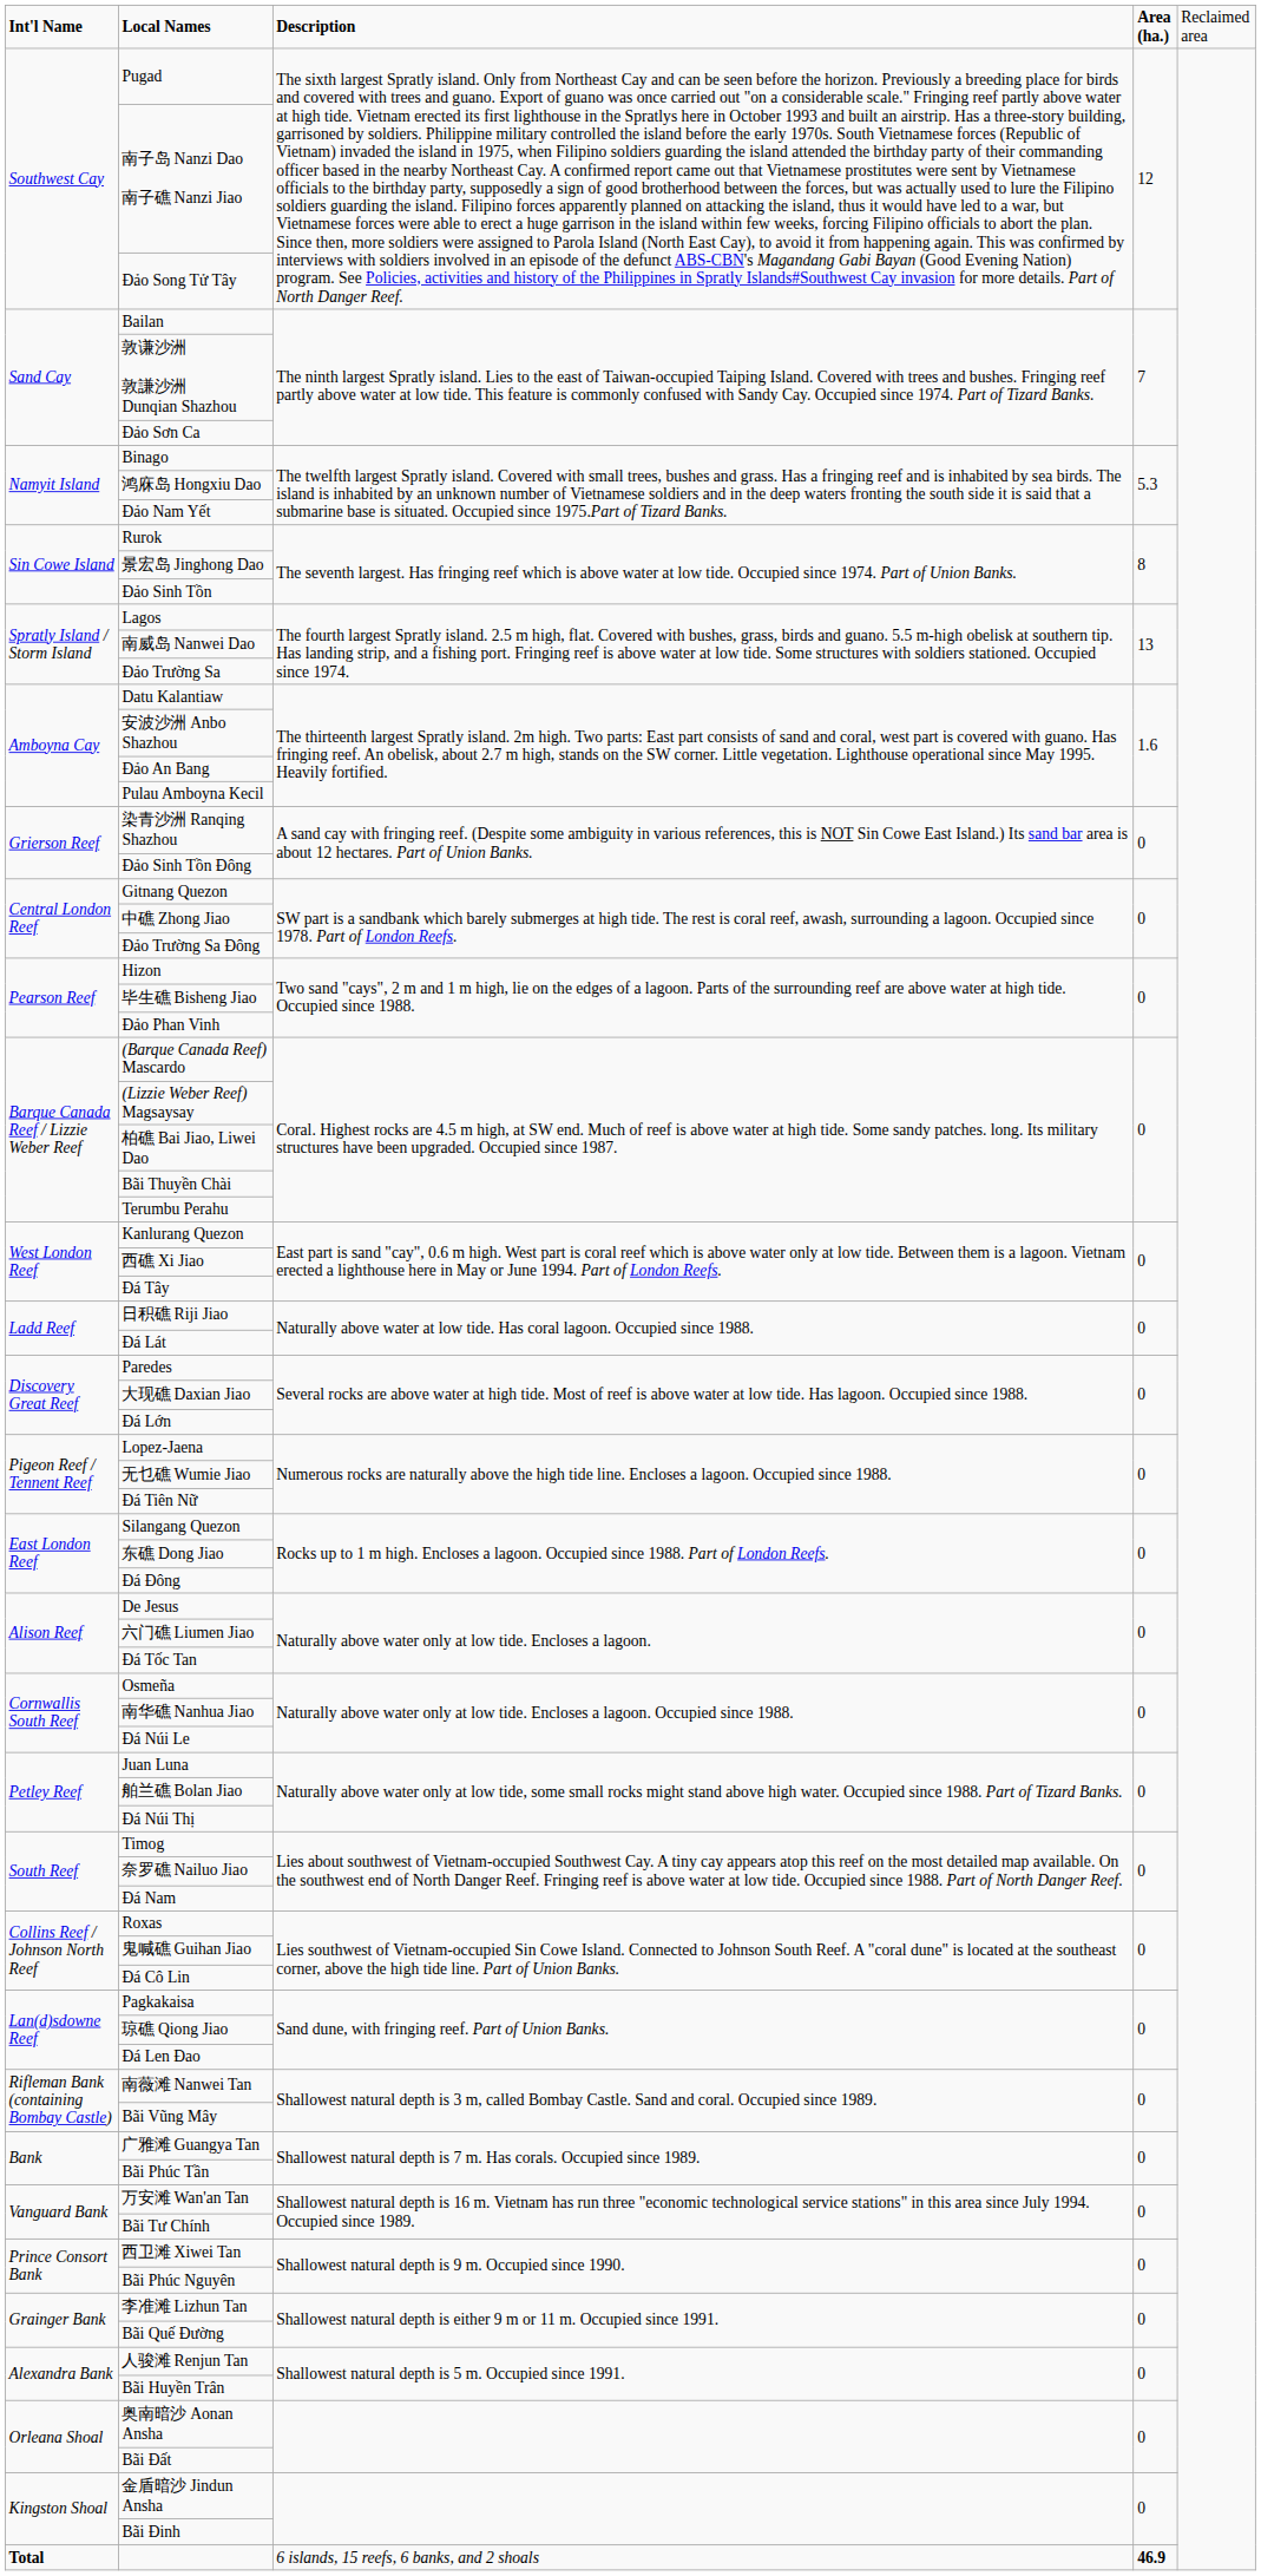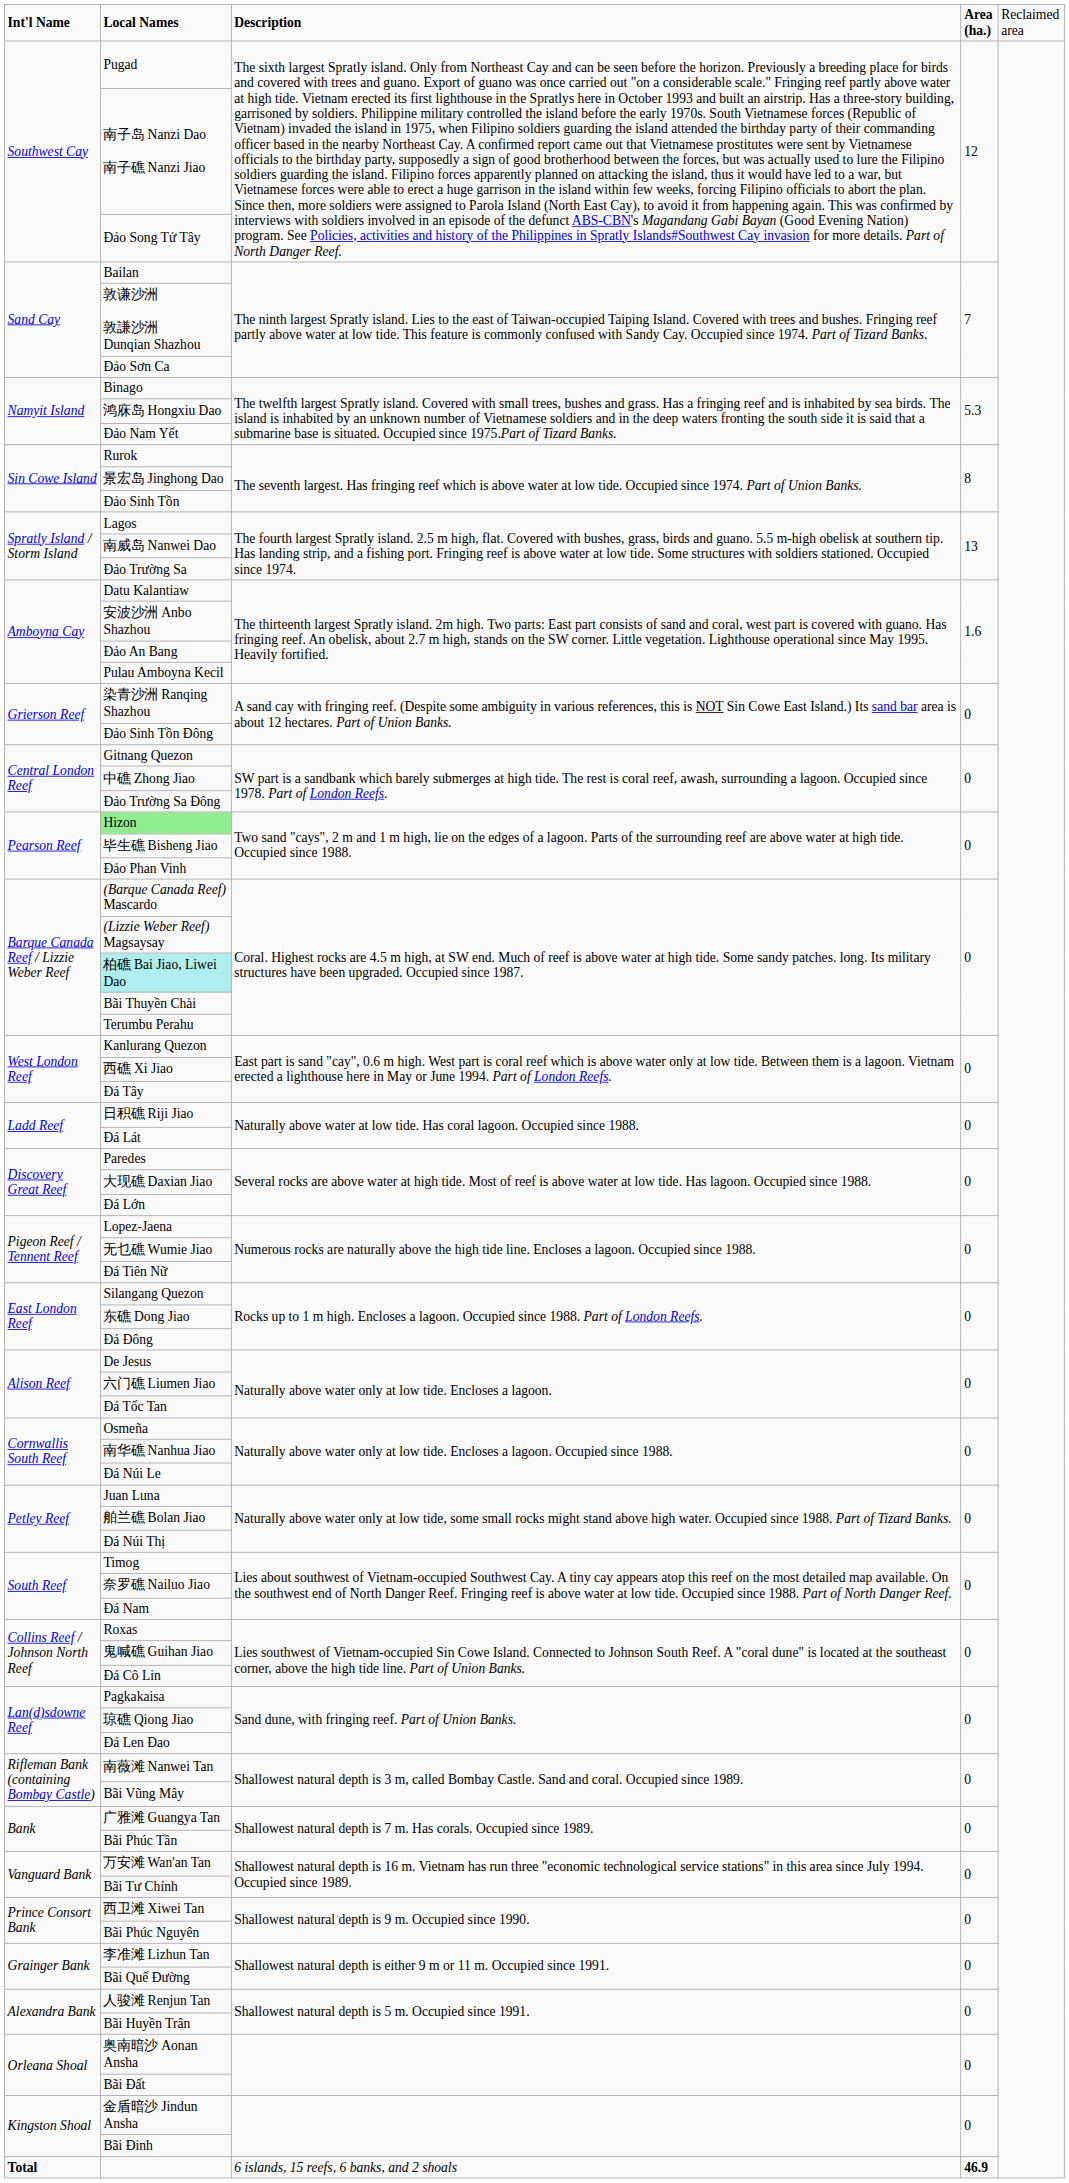 <table class="wikitable">
 <tr>
 <td><strong>Int'l Name</strong></td>
 <td><strong>Local Names</strong></td>
 <td><strong>Description</strong></td>
 <td><strong>Area (ha.)</strong></td>
 <td>Reclaimed area</td>
 </tr>
 <tr>
 <td rowspan="3"><em><a href='#'>Southwest Cay</a></em></td>
 <td> Pugad</td>
 <td rowspan="3"><br>The sixth largest Spratly island. Only  from Northeast Cay and can be seen before the horizon. Previously a breeding place for birds and covered with trees and guano. Export of guano was once carried out "on a considerable scale." Fringing reef partly above water at high tide. Vietnam erected its first lighthouse in the Spratlys here in October 1993 and built an airstrip. Has a three-story building, garrisoned by soldiers. Philippine military controlled the island before the early 1970s. South Vietnamese forces (Republic of Vietnam) invaded the island in 1975, when Filipino soldiers guarding the island attended the birthday party of their commanding officer based in the nearby Northeast Cay. A confirmed report came out that Vietnamese prostitutes were sent by Vietnamese officials to the birthday party, supposedly a sign of good brotherhood between the forces, but was actually used to lure the Filipino soldiers guarding the island. Filipino forces apparently planned on attacking the island, thus it would have led to a war, but Vietnamese forces were able to erect a huge garrison in the island within few weeks, forcing Filipino officials to abort the plan. Since then, more soldiers were assigned to Parola Island (North East Cay), to avoid it from happening again. This was confirmed by interviews with soldiers involved in an episode of the defunct <a href='#'>ABS-CBN</a>'s <em>Magandang Gabi Bayan</em> (Good Evening Nation) program. See <a href='#'>Policies, activities and history of the Philippines in Spratly Islands#Southwest Cay invasion</a> for more details. <em>Part of North Danger Reef.</em></td>
 <td rowspan="3">12</td>
 </tr>
 <tr>
 <td> 南子岛 Nanzi Dao<br><br> 南子礁 Nanzi Jiao</td>
 </tr>
 <tr>
 <td> Đảo Song Tử Tây</td>
 </tr>
 <tr>
 <td rowspan="3"><em><a href='#'>Sand Cay</a></em></td>
 <td> Bailan</td>
 <td rowspan="3"><br>The ninth largest Spratly island. Lies  to the east of Taiwan-occupied Taiping Island. Covered with trees and bushes. Fringing reef partly above water at low tide. This feature is commonly confused with Sandy Cay. Occupied since 1974. <em>Part of Tizard Banks.</em></td>
 <td rowspan="3">7</td>
 </tr>
 <tr>
 <td> 敦谦沙洲<br><br> 敦謙沙洲<br> Dunqian Shazhou</td>
 </tr>
 <tr>
 <td> Đảo Sơn Ca</td>
 </tr>
 <tr>
 <td rowspan="3"><em><a href='#'>Namyit Island</a></em></td>
 <td> Binago</td>
 <td rowspan="3"><br>The twelfth largest Spratly island. Covered with small trees, bushes and grass. Has a fringing reef and is inhabited by sea birds. The island is inhabited by an unknown number of Vietnamese soldiers and in the deep waters fronting the south side it is said that a submarine base is situated. Occupied since 1975.<em>Part of Tizard Banks.</em></td>
 <td rowspan="3">5.3</td>
 </tr>
 <tr>
 <td> 鸿庥岛 Hongxiu Dao</td>
 </tr>
 <tr>
 <td> Đảo Nam Yết</td>
 </tr>
 <tr>
 <td rowspan="3"><em><a href='#'>Sin Cowe Island</a></em></td>
 <td> Rurok</td>
 <td rowspan="3"><br>The seventh largest. Has fringing reef which is above water at low tide. Occupied since 1974. <em>Part of Union Banks.</em></td>
 <td rowspan="3">8</td>
 </tr>
 <tr>
 <td> 景宏岛 Jinghong Dao</td>
 </tr>
 <tr>
 <td> Đảo Sinh Tồn</td>
 </tr>
 <tr>
 <td rowspan="3"><em><a href='#'>Spratly Island</a> / Storm Island</em></td>
 <td> Lagos</td>
 <td rowspan="3"><br>The fourth largest Spratly island. 2.5 m high, flat. Covered with bushes, grass, birds and guano. 5.5 m-high obelisk at southern tip. Has landing strip, and a fishing port. Fringing reef is above water at low tide. Some structures with soldiers stationed. Occupied since 1974.</td>
 <td rowspan="3">13</td>
 </tr>
 <tr>
 <td> 南威岛 Nanwei Dao</td>
 </tr>
 <tr>
 <td> Đảo Trường Sa</td>
 </tr>
 <tr>
 <td rowspan="4"><em><a href='#'>Amboyna Cay</a></em></td>
 <td> Datu Kalantiaw</td>
 <td rowspan="4"><br>The thirteenth largest Spratly island. 2m high. Two parts: East part consists of sand and coral, west part is covered with guano. Has fringing reef. An obelisk, about 2.7 m high, stands on the SW corner. Little vegetation. Lighthouse operational since May 1995. Heavily fortified.</td>
 <td rowspan="4">1.6</td>
 </tr>
 <tr>
 <td> 安波沙洲 Anbo Shazhou</td>
 </tr>
 <tr>
 <td> Đảo An Bang</td>
 </tr>
 <tr>
 <td nowrap> Pulau Amboyna Kecil</td>
 </tr>
 <tr>
 <td rowspan="2"><em><a href='#'>Grierson Reef</a></em></td>
 <td> 染青沙洲 Ranqing Shazhou</td>
 <td rowspan="2">A sand cay with fringing reef. (Despite some ambiguity in various references, this is <u>NOT</u> Sin Cowe East Island.) Its <a href='#'>sand bar</a> area is about 12 hectares. <em>Part of Union Banks.</em></td>
 <td rowspan="2">0</td>
 </tr>
 <tr>
 <td> Đảo Sinh Tồn Đông</td>
 </tr>
 <tr>
 <td rowspan="3"><em><a href='#'>Central London Reef</a></em></td>
 <td> Gitnang Quezon</td>
 <td rowspan="3"><br>SW part is a sandbank which barely submerges at high tide. The rest is coral reef, awash, surrounding a lagoon. Occupied since 1978. <em>Part of <a href='#'>London Reefs</a>.</em></td>
 <td rowspan="3">0</td>
 </tr>
 <tr>
 <td> 中礁 Zhong Jiao</td>
 </tr>
 <tr>
 <td> Đảo Trường Sa Đông</td>
 </tr>
 <tr>
 <td rowspan="3"><em><a href='#'>Pearson Reef</a></em></td>
-<td> Hizon</td>
+<td style="background: lightgreen;"> Hizon</td>
 <td rowspan="3">Two sand "cays", 2 m and 1 m high, lie on the edges of a lagoon. Parts of the surrounding reef are above water at high tide. Occupied since 1988.</td>
 <td rowspan="3">0</td>
 </tr>
 <tr>
 <td> 毕生礁 Bisheng Jiao</td>
 </tr>
 <tr>
 <td> Đảo Phan Vinh</td>
 </tr>
 <tr>
 <td rowspan="5"><em><a href='#'>Barque Canada Reef</a> / Lizzie Weber Reef</em></td>
 <td> <em>(Barque Canada Reef)</em> Mascardo</td>
 <td rowspan="5"><br>Coral. Highest rocks are 4.5 m high, at SW end. Much of reef is above water at high tide. Some sandy patches.  long. Its military structures have been upgraded. Occupied since 1987.</td>
 <td rowspan="5">0</td>
 </tr>
 <tr>
 <td> <em>(Lizzie Weber Reef)</em> Magsaysay</td>
 </tr>
 <tr>
-<td> 柏礁 Bai Jiao, Liwei Dao</td>
+<td style="background: paleturquoise;"> 柏礁 Bai Jiao, Liwei Dao</td>
 </tr>
 <tr>
 <td> Bãi Thuyền Chài</td>
 </tr>
 <tr>
 <td> Terumbu Perahu</td>
 </tr>
 <tr>
 <td rowspan="3"><em><a href='#'>West London Reef</a></em></td>
 <td> Kanlurang Quezon</td>
 <td rowspan="3">East part is sand "cay", 0.6 m high. West part is coral reef which is above water only at low tide. Between them is a lagoon. Vietnam erected a lighthouse here in May or June 1994. <em>Part of <a href='#'>London Reefs</a>.</em></td>
 <td rowspan="3">0</td>
 </tr>
 <tr>
 <td> 西礁 Xi Jiao</td>
 </tr>
 <tr>
 <td> Đá Tây</td>
 </tr>
 <tr>
 <td rowspan="2"><em><a href='#'>Ladd Reef</a></em></td>
 <td> 日积礁 Riji Jiao</td>
 <td rowspan="2">Naturally above water at low tide. Has coral lagoon. Occupied since 1988.</td>
 <td rowspan="2">0</td>
 </tr>
 <tr>
 <td> Đá Lát</td>
 </tr>
 <tr>
 <td rowspan="3"><em><a href='#'>Discovery Great Reef</a></em></td>
 <td> Paredes</td>
 <td rowspan="3">Several rocks are above water at high tide. Most of reef is above water at low tide. Has lagoon. Occupied since 1988.</td>
 <td rowspan="3">0</td>
 </tr>
 <tr>
 <td> 大现礁 Daxian Jiao</td>
 </tr>
 <tr>
 <td> Đá Lớn</td>
 </tr>
 <tr>
 <td rowspan="3"><em>Pigeon Reef / <a href='#'>Tennent Reef</a></em></td>
 <td> Lopez-Jaena</td>
 <td rowspan="3">Numerous rocks are naturally above the high tide line. Encloses a lagoon. Occupied since 1988.</td>
 <td rowspan="3">0</td>
 </tr>
 <tr>
 <td> 无乜礁 Wumie Jiao</td>
 </tr>
 <tr>
 <td> Đá Tiên Nữ</td>
 </tr>
 <tr>
 <td rowspan="3"><em><a href='#'>East London Reef</a></em></td>
 <td> Silangang Quezon</td>
 <td rowspan="3">Rocks up to 1 m high. Encloses a lagoon. Occupied since 1988. <em>Part of <a href='#'>London Reefs</a>.</em></td>
 <td rowspan="3">0</td>
 </tr>
 <tr>
 <td> 东礁 Dong Jiao</td>
 </tr>
 <tr>
 <td> Đá Đông</td>
 </tr>
 <tr>
 <td rowspan="3"><em><a href='#'>Alison Reef</a></em></td>
 <td> De Jesus</td>
 <td rowspan="3"><br>Naturally above water only at low tide. Encloses a lagoon.</td>
 <td rowspan="3">0</td>
 </tr>
 <tr>
 <td> 六门礁 Liumen Jiao</td>
 </tr>
 <tr>
 <td> Đá Tốc Tan</td>
 </tr>
 <tr>
 <td rowspan="3"><em><a href='#'>Cornwallis South Reef</a></em></td>
 <td> Osmeña</td>
 <td rowspan="3">Naturally above water only at low tide. Encloses a lagoon. Occupied since 1988.</td>
 <td rowspan="3">0</td>
 </tr>
 <tr>
 <td> 南华礁 Nanhua Jiao</td>
 </tr>
 <tr>
 <td> Đá Núi Le</td>
 </tr>
 <tr>
 <td rowspan="3"><em><a href='#'>Petley Reef</a></em></td>
 <td> Juan Luna</td>
 <td rowspan="3">Naturally above water only at low tide, some small rocks might stand above high water. Occupied since 1988. <em>Part of Tizard Banks.</em></td>
 <td rowspan="3">0</td>
 </tr>
 <tr>
 <td> 舶兰礁 Bolan Jiao</td>
 </tr>
 <tr>
 <td> Đá Núi Thị</td>
 </tr>
 <tr>
 <td rowspan="3"><em><a href='#'>South Reef</a></em></td>
 <td> Timog</td>
 <td rowspan="3">Lies about  southwest of Vietnam-occupied Southwest Cay. A tiny cay appears atop this reef on the most detailed map available. On the southwest end of North Danger Reef. Fringing reef is above water at low tide. Occupied since 1988. <em>Part of North Danger Reef.</em></td>
 <td rowspan="3">0</td>
 </tr>
 <tr>
 <td> 奈罗礁 Nailuo Jiao</td>
 </tr>
 <tr>
 <td> Đá Nam</td>
 </tr>
 <tr>
 <td rowspan="3"><em><a href='#'>Collins Reef</a> / Johnson North Reef</em></td>
 <td> Roxas</td>
 <td rowspan="3"><br>Lies  southwest of Vietnam-occupied Sin Cowe Island. Connected to Johnson South Reef. A "coral dune" is located at the southeast corner, above the high tide line. <em>Part of Union Banks.</em></td>
 <td rowspan="3">0</td>
 </tr>
 <tr>
 <td> 鬼喊礁 Guihan Jiao</td>
 </tr>
 <tr>
 <td> Đá Cô Lin</td>
 </tr>
 <tr>
 <td rowspan="3"><em><a href='#'>Lan(d)sdowne Reef</a></em></td>
 <td> Pagkakaisa</td>
 <td rowspan="3">Sand dune, with fringing reef. <em>Part of Union Banks.</em></td>
 <td rowspan="3">0</td>
 </tr>
 <tr>
 <td> 琼礁 Qiong Jiao</td>
 </tr>
 <tr>
 <td> Đá Len Đao</td>
 </tr>
 <tr>
 <td rowspan="2"><em>Rifleman Bank (containing <a href='#'>Bombay Castle</a>)</em></td>
 <td> 南薇滩 Nanwei Tan</td>
 <td rowspan="2">Shallowest natural depth is 3 m, called Bombay Castle. Sand and coral. Occupied since 1989.</td>
 <td rowspan="2">0</td>
 </tr>
 <tr>
 <td> Bãi Vũng Mây</td>
 </tr>
 <tr>
 <td rowspan="2"><em> Bank</em></td>
 <td> 广雅滩 Guangya Tan</td>
 <td rowspan="2">Shallowest natural depth is 7 m. Has corals. Occupied since 1989.</td>
 <td rowspan="2">0</td>
 </tr>
 <tr>
 <td> Bãi Phúc Tần</td>
 </tr>
 <tr>
 <td rowspan="2"><em>Vanguard Bank</em></td>
 <td> 万安滩 Wan'an Tan</td>
 <td rowspan="2">Shallowest natural depth is 16 m. Vietnam has run three "economic technological service stations" in this area since July 1994. Occupied since 1989.</td>
 <td rowspan="2">0</td>
 </tr>
 <tr>
 <td> Bãi Tư Chính</td>
 </tr>
 <tr>
 <td rowspan="2"><em>Prince Consort Bank</em></td>
 <td> 西卫滩 Xiwei Tan</td>
 <td rowspan="2">Shallowest natural depth is 9 m. Occupied since 1990.</td>
 <td rowspan="2">0</td>
 </tr>
 <tr>
 <td> Bãi Phúc Nguyên</td>
 </tr>
 <tr>
 <td rowspan="2"><em>Grainger Bank</em></td>
 <td> 李准滩 Lizhun Tan</td>
 <td rowspan="2">Shallowest natural depth is either 9 m or 11 m. Occupied since 1991.</td>
 <td rowspan="2">0</td>
 </tr>
 <tr>
 <td> Bãi Quế Đường</td>
 </tr>
 <tr>
 <td rowspan="2"><em>Alexandra Bank</em></td>
 <td> 人骏滩 Renjun Tan</td>
 <td rowspan="2">Shallowest natural depth is 5 m. Occupied since 1991.</td>
 <td rowspan="2">0</td>
 </tr>
 <tr>
 <td> Bãi Huyền Trân</td>
 </tr>
 <tr>
 <td rowspan="2"><em>Orleana Shoal</em></td>
 <td> 奥南暗沙 Aonan Ansha</td>
 <td rowspan="2"></td>
 <td rowspan="2">0</td>
 </tr>
 <tr>
 <td> Bãi Đất</td>
 </tr>
 <tr>
 <td rowspan="2"><em>Kingston Shoal</em></td>
 <td> 金盾暗沙 Jindun Ansha</td>
 <td rowspan="2"></td>
 <td rowspan="2">0</td>
 </tr>
 <tr>
 <td> Bãi Đinh</td>
 </tr>
 <tr>
 <td><strong>Total</strong></td>
 <td></td>
 <td><em>6 islands, 15 reefs, 6 banks, and 2 shoals</em></td>
 <td><strong>46.9</strong></td>
 </tr>
 </table>
